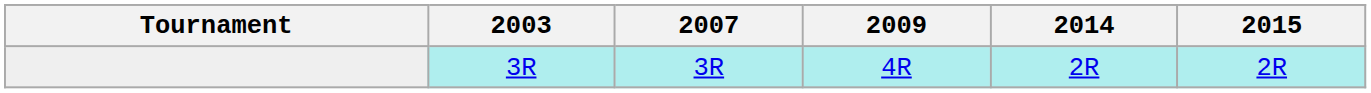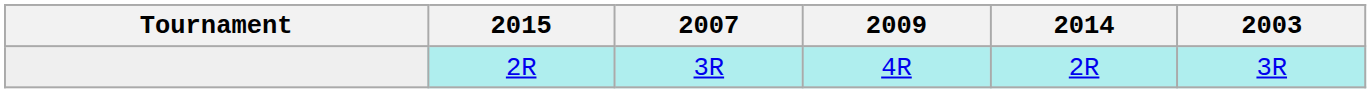 <table class="wikitable" style="width:55%; margin:0">
 <tr>
 <th>Tournament</th>
-<th>2003</th>
+<th>2015</th>
 <th>2007</th>
 <th>2009</th>
 <th>2014</th>
-<th>2015</th>
+<th>2003</th>
 </tr>
 <tr>
 <td style="background:#efefef;" align=left></td>
-<td style="text-align:center; background:#afeeee;"><a href='#'>3R</a></td>
+<td style="text-align:center; background:#afeeee;"><a href='#'>2R</a></td>
 <td style="text-align:center; background:#afeeee;"><a href='#'>3R</a></td>
 <td style="text-align:center; background:#afeeee;"><a href='#'>4R</a></td>
 <td style="text-align:center; background:#afeeee;"><a href='#'>2R</a></td>
-<td style="text-align:center; background:#afeeee;"><a href='#'>2R</a></td>
+<td style="text-align:center; background:#afeeee;"><a href='#'>3R</a></td>
 </tr>
 </table>
